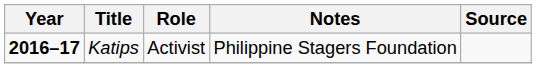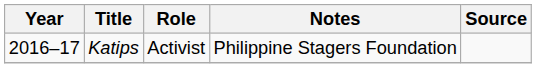 <table class="wikitable sortable" >
 <tr>
 <th>Year</th>
 <th>Title</th>
 <th>Role</th>
 <th class="unsortable">Notes </th>
 <th class="unsortable">Source </th>
 </tr>
 <tr>
-<td><strong>2016–17</strong></td>
+<td>2016–17</td>
 <td><em>Katips</em></td>
 <td>Activist</td>
 <td>Philippine Stagers Foundation</td>
 <td></td>
 </tr>
 <tr>
 </tr>
 </table>
